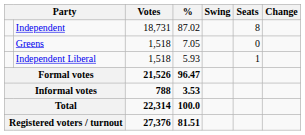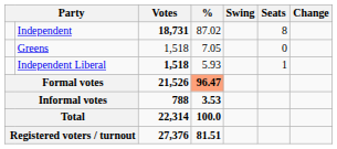 <table class="wikitable" style="text-align:right; margin-bottom:0">
 <tr>
 <th style="width:10px" colspan=3>Party</th>
 <th style="width:70px;">Votes</th>
 <th style="width:40px;">%</th>
 <th style="width:40px;">Swing</th>
 <th style="width:40px;">Seats</th>
 <th style="width:40px;">Change</th>
 </tr>
 <tr>
 <td> </td>
 <td style="text-align:left;" colspan="2"><a href='#'>Independent</a></td>
-<td style="width:70px;">18,731</td>
+<td style="width:70px;"><strong>18,731</strong></td>
 <td style="width:40px;">87.02</td>
 <td style="width:40px;"></td>
 <td style="width:40px;">8</td>
 <td style="width:55px;"></td>
 </tr>
 <tr>
 <td> </td>
 <td style="text-align:left;" colspan="2"><a href='#'>Greens</a></td>
 <td>1,518</td>
 <td>7.05</td>
 <td></td>
 <td>0</td>
 <td></td>
 </tr>
 <tr>
 <td> </td>
 <td style="text-align:left;" colspan="2"><a href='#'>Independent Liberal</a></td>
-<td>1,518</td>
+<td><strong>1,518</strong></td>
 <td>5.93</td>
 <td></td>
 <td>1</td>
 <td></td>
 </tr>
 <tr>
 <th colspan="3" rowspan="1"> Formal votes</th>
 <td><strong>21,526</strong></td>
-<td><strong>96.47</strong></td>
+<td style="background: lightsalmon;"><strong>96.47</strong></td>
 <td></td>
 <td></td>
 <td></td>
 </tr>
 <tr>
 <th colspan="3" rowspan="1"> Informal votes</th>
 <td><strong>788</strong></td>
 <td><strong>3.53</strong></td>
 <td></td>
 <td></td>
 <td></td>
 </tr>
 <tr>
 <th colspan="3" rowspan="1"> Total</th>
 <td><strong>22,314</strong></td>
 <td><strong>100.0</strong></td>
 <td></td>
 <td></td>
 <td></td>
 </tr>
 <tr>
 <th colspan="3" rowspan="1"> Registered voters / turnout</th>
 <td><strong>27,376</strong></td>
 <td><strong>81.51</strong></td>
 <td></td>
 <td></td>
 <td></td>
 </tr>
 </table>
